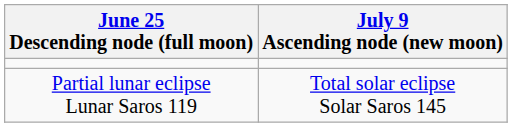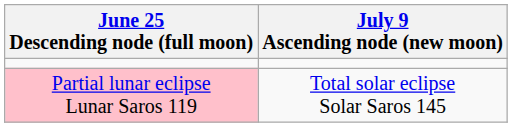 <table class="wikitable">
 <tr>
 <th><a href='#'>June 25</a><br>Descending node (full moon)</th>
 <th><a href='#'>July 9</a><br>Ascending node (new moon)</th>
 </tr>
 <tr>
 <td></td>
 <td></td>
 </tr>
 <tr align=center>
-<td><a href='#'>Partial lunar eclipse</a><br>Lunar Saros 119</td>
+<td style="background: pink;"><a href='#'>Partial lunar eclipse</a><br>Lunar Saros 119</td>
 <td><a href='#'>Total solar eclipse</a><br>Solar Saros 145</td>
 </tr>
 </table>
